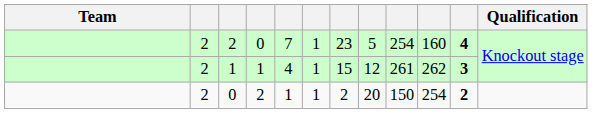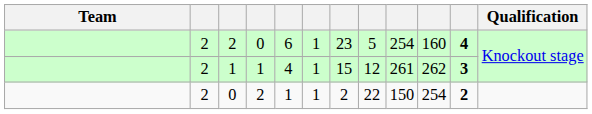 <table class=wikitable style="text-align:center">
 <tr>
 <th width=175>Team</th>
 <th width=20></th>
 <th width=20></th>
 <th width=20></th>
 <th width=20></th>
 <th width=20></th>
 <th width=20></th>
 <th width=20></th>
 <th width=20></th>
 <th width=20></th>
 <th width=20></th>
 <th>Qualification</th>
 </tr>
 <tr style="background-color:#ccffcc;">
 <td style="text-align:left;"></td>
 <td>2</td>
 <td>2</td>
 <td>0</td>
-<td>7</td>
+<td>6</td>
 <td>1</td>
 <td>23</td>
 <td>5</td>
 <td>254</td>
 <td>160</td>
 <td><strong>4</strong></td>
 <td rowspan=2><a href='#'>Knockout stage</a></td>
 </tr>
 <tr style="background-color:#ccffcc;">
 <td style="text-align:left;"></td>
 <td>2</td>
 <td>1</td>
 <td>1</td>
 <td>4</td>
 <td>1</td>
 <td>15</td>
 <td>12</td>
 <td>261</td>
 <td>262</td>
 <td><strong>3</strong></td>
 </tr>
 <tr>
 <td style="text-align:left;"></td>
 <td>2</td>
 <td>0</td>
 <td>2</td>
 <td>1</td>
 <td>1</td>
 <td>2</td>
-<td>20</td>
+<td>22</td>
 <td>150</td>
 <td>254</td>
 <td><strong>2</strong></td>
 <td></td>
 </tr>
 </table>
